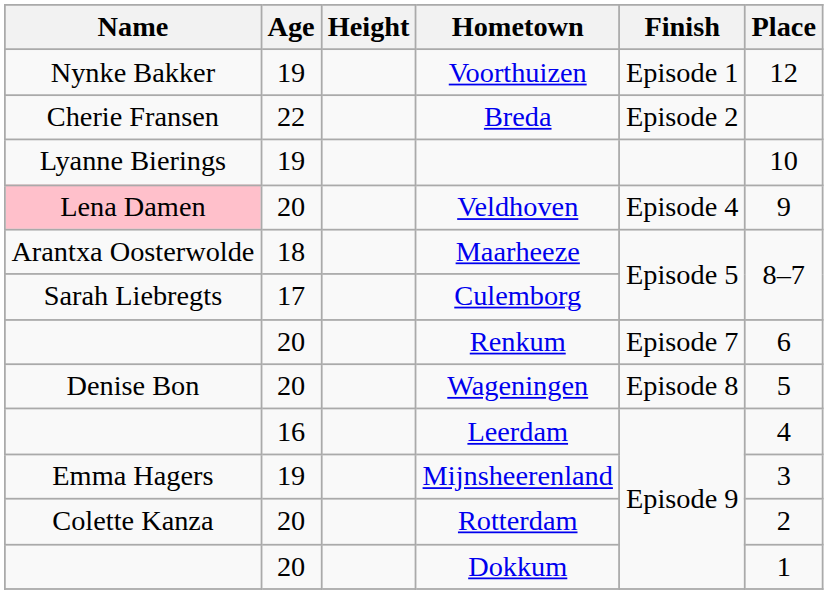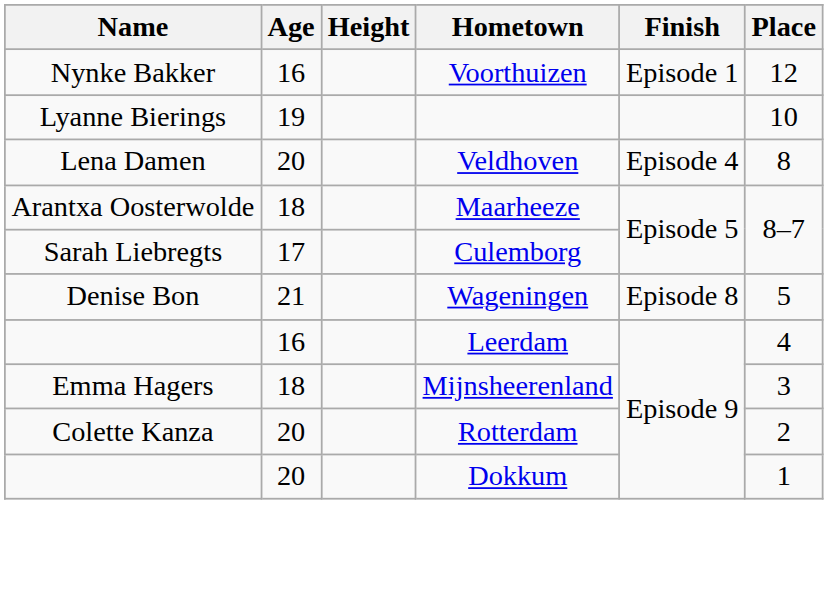 <table class="wikitable sortable" style="text-align:center;">
 <tr>
 <th>Name</th>
 <th>Age</th>
 <th>Height</th>
 <th>Hometown</th>
 <th>Finish</th>
 <th>Place</th>
 </tr>
 <tr>
 <td>Nynke Bakker</td>
-<td>19</td>
+<td>16</td>
 <td></td>
 <td><a href='#'>Voorthuizen</a></td>
 <td>Episode 1</td>
 <td>12</td>
-</tr>
-<tr>
-<td>Cherie Fransen</td>
-<td>22</td>
-<td></td>
-<td><a href='#'>Breda</a></td>
-<td>Episode 2</td>
-<td></td>
 </tr>
 <tr>
 <td>Lyanne Bierings</td>
 <td>19</td>
 <td></td>
 <td></td>
 <td></td>
 <td>10</td>
 </tr>
 <tr>
-<td style="background: pink;">Lena Damen</td>
+<td>Lena Damen</td>
 <td>20</td>
 <td></td>
 <td><a href='#'>Veldhoven</a></td>
 <td>Episode 4</td>
-<td>9</td>
+<td>8</td>
 </tr>
 <tr>
 <td>Arantxa Oosterwolde</td>
 <td>18</td>
 <td></td>
 <td><a href='#'>Maarheeze</a></td>
 <td rowspan="2">Episode 5</td>
 <td rowspan="2">8–7</td>
 </tr>
 <tr>
 <td>Sarah Liebregts</td>
 <td>17</td>
 <td></td>
 <td><a href='#'>Culemborg</a></td>
 </tr>
 <tr>
-<td></td>
-<td>20</td>
-<td></td>
-<td><a href='#'>Renkum</a></td>
-<td>Episode 7</td>
-<td>6</td>
-</tr>
-<tr>
 <td>Denise Bon</td>
-<td>20</td>
+<td>21</td>
 <td></td>
 <td><a href='#'>Wageningen</a></td>
 <td>Episode 8</td>
 <td>5</td>
 </tr>
 <tr>
 <td></td>
 <td>16</td>
 <td></td>
 <td><a href='#'>Leerdam</a></td>
 <td rowspan="4">Episode 9</td>
 <td>4</td>
 </tr>
 <tr>
 <td>Emma Hagers</td>
-<td>19</td>
+<td>18</td>
 <td></td>
 <td><a href='#'>Mijnsheerenland</a></td>
 <td>3</td>
 </tr>
 <tr>
 <td>Colette Kanza</td>
 <td>20</td>
 <td></td>
 <td><a href='#'>Rotterdam</a></td>
 <td>2</td>
 </tr>
 <tr>
 <td></td>
 <td>20</td>
 <td></td>
 <td><a href='#'>Dokkum</a></td>
 <td>1</td>
 </tr>
 </table>
